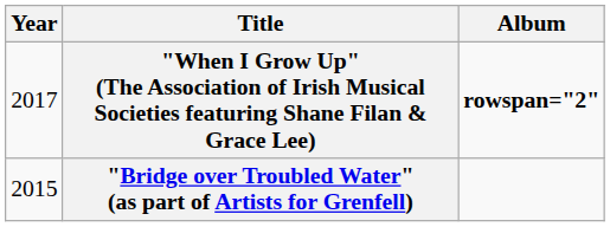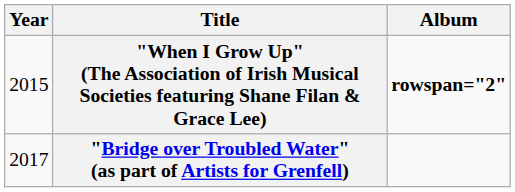 <table class="wikitable plainrowheaders" style="text-align:center;">
 <tr>
 <th scope="col" style="width:1em;">Year</th>
 <th scope="col" style="width:16.5em;">Title</th>
 <th scope="col">Album</th>
 </tr>
 <tr>
-<td>2017</td>
+<td>2015</td>
 <th scope="row">"When I Grow Up"<br><span>(The Association of Irish Musical Societies featuring Shane Filan & Grace Lee)</span></th>
 <td><strong>rowspan="2" </strong></td>
 </tr>
 <tr>
-<td>2015</td>
+<td>2017</td>
 <th scope="row">"<a href='#'>Bridge over Troubled Water</a>"<br><span>(as part of <a href='#'>Artists for Grenfell</a>)</span></th>
 </tr>
 </table>
